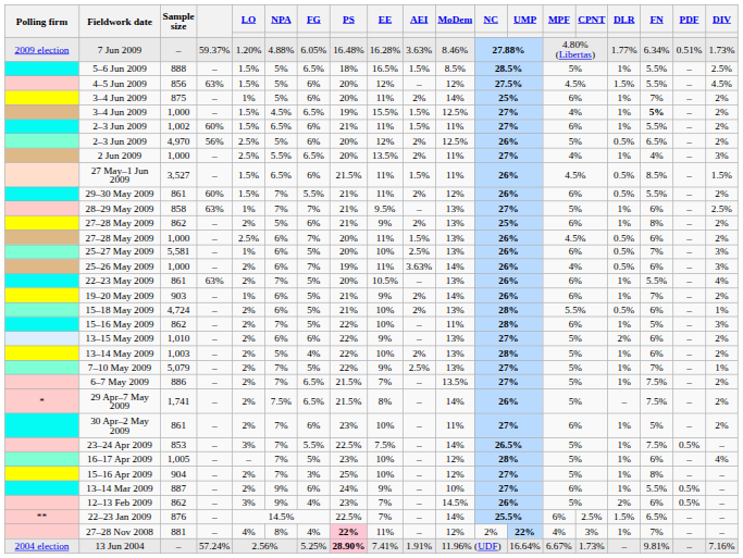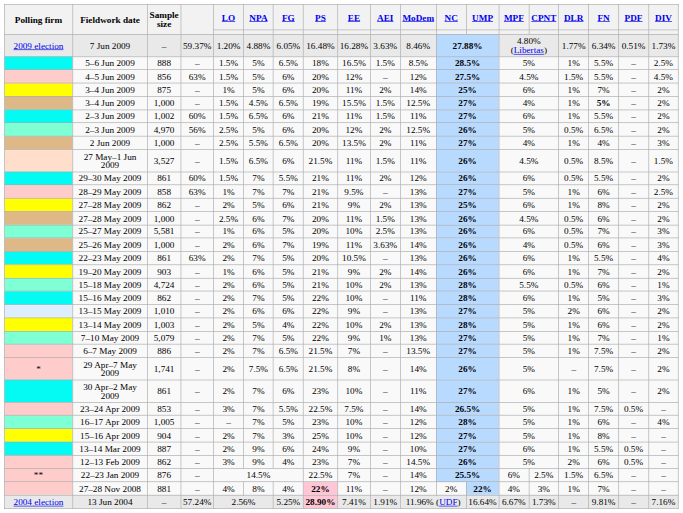 <table class="wikitable sortable" style="text-align:center;font-size:90%;line-height:14px;">
 <tr style="height:40px;">
 <th style="width:100px;" rowspan="2">Polling firm</th>
 <th style="width:110px;" rowspan="2">Fieldwork date</th>
 <th style="width:35px;" rowspan="2">Sample<br>size</th>
 <th style="width:30px;" rowspan="2"></th>
 <th class="unsortable" style="width:40px;"><a href='#'>LO</a></th>
 <th class="unsortable" style="width:40px;"><a href='#'>NPA</a></th>
 <th class="unsortable" style="width:40px;"><a href='#'>FG</a></th>
 <th class="unsortable" style="width:40px;"><a href='#'>PS</a></th>
 <th class="unsortable" style="width:40px;"><a href='#'>EE</a></th>
 <th class="unsortable" style="width:40px;"><a href='#'>AEI</a></th>
 <th class="unsortable" style="width:40px;"><a href='#'>MoDem</a></th>
 <th class="unsortable" style="width:40px;"><a href='#'>NC</a></th>
 <th class="unsortable" style="width:40px;"><a href='#'>UMP</a></th>
 <th class="unsortable" style="width:40px;"><a href='#'>MPF</a></th>
 <th class="unsortable" style="width:40px;"><a href='#'>CPNT</a></th>
 <th class="unsortable" style="width:40px;"><a href='#'>DLR</a></th>
 <th class="unsortable" style="width:40px;"><a href='#'>FN</a></th>
 <th class="unsortable" style="width:40px;"><a href='#'>PDF</a></th>
 <th class="unsortable" style="width:40px;"><a href='#'>DIV</a></th>
 </tr>
 <tr>
 <th style="background:"></th>
 <th style="background:"></th>
 <th style="background:"></th>
 <th style="background:"></th>
 <th style="background:"></th>
 <th style="background:"></th>
 <th style="background:"></th>
 <th style="background:"></th>
 <th style="background:"></th>
 <th style="background:"></th>
 <th style="background:"></th>
 <th style="background:"></th>
 <th style="background:"></th>
 <th style="background:"></th>
 <th style="background:"></th>
 </tr>
 <tr style="background:#E9E9E9;">
 <td><a href='#'>2009 election</a></td>
 <td data-sort-value="2009-06-07">7 Jun 2009</td>
 <td>–</td>
 <td>59.37%</td>
 <td>1.20%</td>
 <td>4.88%</td>
 <td>6.05%</td>
 <td>16.48%</td>
 <td>16.28%</td>
 <td>3.63%</td>
 <td>8.46%</td>
 <td style="background:#B9DAFF;" colspan="2"><strong>27.88%</strong></td>
 <td colspan="2">4.80% (<a href='#'>Libertas</a>)</td>
 <td>1.77%</td>
 <td>6.34%</td>
 <td>0.51%</td>
 <td>1.73%</td>
 </tr>
 <tr>
 <td style="background:#04FBF4;"></td>
 <td data-sort-value="2009-06-06">5–6 Jun 2009</td>
 <td>888</td>
 <td>–</td>
 <td>1.5%</td>
 <td>5%</td>
 <td>6.5%</td>
 <td>18%</td>
 <td>16.5%</td>
 <td>1.5%</td>
 <td>8.5%</td>
 <td style="background:#B9DAFF;" colspan="2"><strong>28.5%</strong></td>
 <td colspan="2">5%</td>
 <td>1%</td>
 <td>5.5%</td>
 <td>–</td>
 <td>2.5%</td>
 </tr>
 <tr>
 <td style="background:#FFCCCC;"></td>
 <td data-sort-value="2009-06-05">4–5 Jun 2009</td>
 <td>856</td>
 <td>63%</td>
 <td>1.5%</td>
 <td>5%</td>
 <td>6%</td>
 <td>20%</td>
 <td>12%</td>
 <td>–</td>
 <td>12%</td>
 <td style="background:#B9DAFF;" colspan="2"><strong>27.5%</strong></td>
 <td colspan="2">4.5%</td>
 <td>1.5%</td>
 <td>5.5%</td>
 <td>–</td>
 <td>4.5%</td>
 </tr>
 <tr>
 <td style="background:yellow;"></td>
 <td data-sort-value="2009-06-04">3–4 Jun 2009</td>
 <td>875</td>
 <td>–</td>
 <td>1%</td>
 <td>5%</td>
 <td>6%</td>
 <td>20%</td>
 <td>11%</td>
 <td>2%</td>
 <td>14%</td>
 <td style="background:#B9DAFF;" colspan="2"><strong>25%</strong></td>
 <td colspan="2">6%</td>
 <td>1%</td>
 <td>7%</td>
 <td>–</td>
 <td>2%</td>
 </tr>
 <tr>
 <td style="background:burlywood;"></td>
 <td data-sort-value="2009-06-04">3–4 Jun 2009</td>
 <td>1,000</td>
 <td>–</td>
 <td>1.5%</td>
 <td>4.5%</td>
 <td>6.5%</td>
 <td>19%</td>
 <td>15.5%</td>
 <td>1.5%</td>
 <td>12.5%</td>
 <td style="background:#B9DAFF;" colspan="2"><strong>27%</strong></td>
 <td colspan="2">4%</td>
 <td>1%</td>
 <td><strong>5%</strong></td>
 <td>–</td>
 <td>2%</td>
 </tr>
 <tr>
 <td style="background:#04FBF4;"></td>
 <td data-sort-value="2009-06-03">2–3 Jun 2009</td>
 <td>1,002</td>
 <td>60%</td>
 <td>1.5%</td>
 <td>6.5%</td>
 <td>6%</td>
 <td>21%</td>
 <td>11%</td>
 <td>1.5%</td>
 <td>11%</td>
 <td style="background:#B9DAFF;" colspan="2"><strong>27%</strong></td>
 <td colspan="2">6%</td>
 <td>1%</td>
 <td>5.5%</td>
 <td>–</td>
 <td>2%</td>
 </tr>
 <tr>
 <td style="background:aquamarine;"></td>
 <td data-sort-value="2009-06-03">2–3 Jun 2009</td>
 <td>4,970</td>
 <td>56%</td>
 <td>2.5%</td>
 <td>5%</td>
 <td>6%</td>
 <td>20%</td>
 <td>12%</td>
 <td>2%</td>
 <td>12.5%</td>
 <td style="background:#B9DAFF;" colspan="2"><strong>26%</strong></td>
 <td colspan="2">5%</td>
 <td>0.5%</td>
 <td>6.5%</td>
 <td>–</td>
 <td>2%</td>
 </tr>
 <tr>
 <td style="background:burlywood;"></td>
 <td data-sort-value="2009-06-02">2 Jun 2009</td>
 <td>1,000</td>
 <td>–</td>
 <td>2.5%</td>
 <td>5.5%</td>
 <td>6.5%</td>
 <td>20%</td>
 <td>13.5%</td>
 <td>2%</td>
 <td>11%</td>
 <td style="background:#B9DAFF;" colspan="2"><strong>27%</strong></td>
 <td colspan="2">4%</td>
 <td>1%</td>
 <td>4%</td>
 <td>–</td>
 <td>3%</td>
 </tr>
 <tr>
 <td style="background:#FFDFCC;"></td>
 <td data-sort-value="2009-06-01">27 May–1 Jun 2009</td>
 <td>3,527</td>
 <td>–</td>
 <td>1.5%</td>
 <td>6.5%</td>
 <td>6%</td>
 <td>21.5%</td>
 <td>11%</td>
 <td>1.5%</td>
 <td>11%</td>
 <td style="background:#B9DAFF;" colspan="2"><strong>26%</strong></td>
 <td colspan="2">4.5%</td>
 <td>0.5%</td>
 <td>8.5%</td>
 <td>–</td>
 <td>1.5%</td>
 </tr>
 <tr>
 <td style="background:#04FBF4;"></td>
 <td data-sort-value="2009-05-30">29–30 May 2009</td>
 <td>861</td>
 <td>60%</td>
 <td>1.5%</td>
 <td>7%</td>
 <td>5.5%</td>
 <td>21%</td>
 <td>11%</td>
 <td>2%</td>
 <td>12%</td>
 <td style="background:#B9DAFF;" colspan="2"><strong>26%</strong></td>
 <td colspan="2">6%</td>
 <td>0.5%</td>
 <td>5.5%</td>
 <td>–</td>
 <td>2%</td>
 </tr>
 <tr>
 <td style="background:#FFCCCC;"></td>
 <td data-sort-value="2009-05-29">28–29 May 2009</td>
 <td>858</td>
 <td>63%</td>
 <td>1%</td>
 <td>7%</td>
 <td>7%</td>
 <td>21%</td>
 <td>9.5%</td>
 <td>–</td>
 <td>13%</td>
 <td style="background:#B9DAFF;" colspan="2"><strong>27%</strong></td>
 <td colspan="2">5%</td>
 <td>1%</td>
 <td>6%</td>
 <td>–</td>
 <td>2.5%</td>
 </tr>
 <tr>
 <td style="background:yellow;"></td>
 <td data-sort-value="2009-05-28">27–28 May 2009</td>
 <td>862</td>
 <td>–</td>
 <td>2%</td>
 <td>5%</td>
 <td>6%</td>
 <td>21%</td>
 <td>9%</td>
 <td>2%</td>
 <td>13%</td>
 <td style="background:#B9DAFF;" colspan="2"><strong>25%</strong></td>
 <td colspan="2">6%</td>
 <td>1%</td>
 <td>8%</td>
 <td>–</td>
 <td>2%</td>
 </tr>
 <tr>
 <td style="background:burlywood;"></td>
 <td data-sort-value="2009-05-28">27–28 May 2009</td>
 <td>1,000</td>
 <td>–</td>
 <td>2.5%</td>
 <td>6%</td>
 <td>7%</td>
 <td>20%</td>
 <td>11%</td>
 <td>1.5%</td>
 <td>13%</td>
 <td style="background:#B9DAFF;" colspan="2"><strong>26%</strong></td>
 <td colspan="2">4.5%</td>
 <td>0.5%</td>
 <td>6%</td>
 <td>–</td>
 <td>2%</td>
 </tr>
 <tr>
 <td style="background:aquamarine;"></td>
 <td data-sort-value="2009-05-27">25–27 May 2009</td>
 <td>5,581</td>
 <td>–</td>
 <td>1%</td>
 <td>6%</td>
 <td>5%</td>
 <td>20%</td>
 <td>10%</td>
 <td>2.5%</td>
 <td>13%</td>
 <td style="background:#B9DAFF;" colspan="2"><strong>26%</strong></td>
 <td colspan="2">6%</td>
 <td>0.5%</td>
 <td>7%</td>
 <td>–</td>
 <td>3%</td>
 </tr>
 <tr>
 <td style="background:burlywood;"></td>
 <td data-sort-value="2009-05-26">25–26 May 2009</td>
 <td>1,000</td>
 <td>–</td>
 <td>2%</td>
 <td>6%</td>
 <td>7%</td>
 <td>19%</td>
 <td>11%</td>
 <td>3.63%</td>
 <td>14%</td>
 <td style="background:#B9DAFF;" colspan="2"><strong>26%</strong></td>
 <td colspan="2">4%</td>
 <td>0.5%</td>
 <td>6%</td>
 <td>–</td>
 <td>3%</td>
 </tr>
 <tr>
 <td style="background:#04FBF4;"></td>
 <td data-sort-value="2009-05-23">22–23 May 2009</td>
 <td>861</td>
 <td>63%</td>
 <td>2%</td>
 <td>7%</td>
 <td>5%</td>
 <td>20%</td>
 <td>10.5%</td>
 <td>–</td>
 <td>13%</td>
 <td style="background:#B9DAFF;" colspan="2"><strong>26%</strong></td>
 <td colspan="2">6%</td>
 <td>1%</td>
 <td>5.5%</td>
 <td>–</td>
 <td>4%</td>
 </tr>
 <tr>
 <td style="background:yellow;"></td>
 <td data-sort-value="2009-05-20">19–20 May 2009</td>
 <td>903</td>
 <td>–</td>
 <td>1%</td>
 <td>6%</td>
 <td>5%</td>
 <td>21%</td>
 <td>9%</td>
 <td>2%</td>
 <td>14%</td>
 <td style="background:#B9DAFF;" colspan="2"><strong>26%</strong></td>
 <td colspan="2">6%</td>
 <td>1%</td>
 <td>7%</td>
 <td>–</td>
 <td>2%</td>
 </tr>
 <tr>
 <td style="background:aquamarine;"></td>
 <td data-sort-value="2009-05-18">15–18 May 2009</td>
 <td>4,724</td>
 <td>–</td>
 <td>2%</td>
 <td>6%</td>
 <td>5%</td>
 <td>21%</td>
 <td>10%</td>
 <td>2%</td>
 <td>13%</td>
 <td style="background:#B9DAFF;" colspan="2"><strong>28%</strong></td>
 <td colspan="2">5.5%</td>
 <td>0.5%</td>
 <td>6%</td>
 <td>–</td>
 <td>1%</td>
 </tr>
 <tr>
 <td style="background:#04FBF4;"></td>
 <td data-sort-value="2009-05-16">15–16 May 2009</td>
 <td>862</td>
 <td>–</td>
 <td>2%</td>
 <td>7%</td>
 <td>5%</td>
 <td>22%</td>
 <td>10%</td>
 <td>–</td>
 <td>11%</td>
 <td style="background:#B9DAFF;" colspan="2"><strong>28%</strong></td>
 <td colspan="2">6%</td>
 <td>1%</td>
 <td>5%</td>
 <td>–</td>
 <td>3%</td>
 </tr>
 <tr>
 <td style="background:#DDEEFF;"></td>
 <td data-sort-value="2009-05-15">13–15 May 2009</td>
 <td>1,010</td>
 <td>–</td>
 <td>2%</td>
 <td>6%</td>
 <td>6%</td>
 <td>22%</td>
 <td>9%</td>
 <td>–</td>
 <td>13%</td>
 <td style="background:#B9DAFF;" colspan="2"><strong>27%</strong></td>
 <td colspan="2">5%</td>
 <td>2%</td>
 <td>6%</td>
 <td>–</td>
 <td>2%</td>
 </tr>
 <tr>
 <td style="background:yellow;"></td>
 <td data-sort-value="2009-05-14">13–14 May 2009</td>
 <td>1,003</td>
 <td>–</td>
 <td>2%</td>
 <td>5%</td>
 <td>4%</td>
 <td>22%</td>
 <td>10%</td>
 <td>2%</td>
 <td>13%</td>
 <td style="background:#B9DAFF;" colspan="2"><strong>28%</strong></td>
 <td colspan="2">5%</td>
 <td>1%</td>
 <td>6%</td>
 <td>–</td>
 <td>2%</td>
 </tr>
 <tr>
 <td style="background:aquamarine;"></td>
 <td data-sort-value="2009-05-10">7–10 May 2009</td>
 <td>5,079</td>
 <td>–</td>
 <td>2%</td>
 <td>7%</td>
 <td>5%</td>
 <td>22%</td>
 <td>9%</td>
-<td>2.5%</td>
+<td>1%</td>
 <td>13%</td>
 <td style="background:#B9DAFF;" colspan="2"><strong>27%</strong></td>
 <td colspan="2">5%</td>
 <td>1%</td>
 <td>7%</td>
 <td>–</td>
 <td>1%</td>
 </tr>
 <tr>
 <td style="background:#FFCCCC;"></td>
 <td data-sort-value="2009-05-07">6–7 May 2009</td>
 <td>886</td>
 <td>–</td>
 <td>2%</td>
 <td>7%</td>
 <td>6.5%</td>
 <td>21.5%</td>
 <td>7%</td>
 <td>–</td>
 <td>13.5%</td>
 <td style="background:#B9DAFF;" colspan="2"><strong>27%</strong></td>
 <td colspan="2">5%</td>
 <td>1%</td>
 <td>7.5%</td>
 <td>–</td>
 <td>2%</td>
 </tr>
 <tr>
 <td style="background:#FFCCCC;">*</td>
 <td data-sort-value="2009-05-07">29 Apr–7 May 2009</td>
 <td>1,741</td>
 <td>–</td>
 <td>2%</td>
 <td>7.5%</td>
 <td>6.5%</td>
 <td>21.5%</td>
 <td>8%</td>
 <td>–</td>
 <td>14%</td>
 <td style="background:#B9DAFF;" colspan="2"><strong>26%</strong></td>
 <td colspan="2">5%</td>
 <td>–</td>
 <td>7.5%</td>
 <td>–</td>
 <td>2%</td>
 </tr>
 <tr>
 <td style="background:#04FBF4;"></td>
 <td data-sort-value="2009-05-02">30 Apr–2 May 2009</td>
 <td>861</td>
 <td>–</td>
 <td>2%</td>
 <td>7%</td>
 <td>6%</td>
 <td>23%</td>
 <td>10%</td>
 <td>–</td>
 <td>11%</td>
 <td style="background:#B9DAFF;" colspan="2"><strong>27%</strong></td>
 <td colspan="2">6%</td>
 <td>1%</td>
 <td>5%</td>
 <td>–</td>
 <td>2%</td>
 </tr>
 <tr>
 <td style="background:#FFCCCC;"></td>
 <td data-sort-value="2009-04-24">23–24 Apr 2009</td>
 <td>853</td>
 <td>–</td>
 <td>3%</td>
 <td>7%</td>
 <td>5.5%</td>
 <td>22.5%</td>
 <td>7.5%</td>
 <td>–</td>
 <td>14%</td>
 <td style="background:#B9DAFF;" colspan="2"><strong>26.5%</strong></td>
 <td colspan="2">5%</td>
 <td>1%</td>
 <td>7.5%</td>
 <td>0.5%</td>
 <td>–</td>
 </tr>
 <tr>
 <td style="background:aquamarine;"></td>
 <td data-sort-value="2009-04-17">16–17 Apr 2009</td>
 <td>1,005</td>
 <td>–</td>
 <td>–</td>
 <td>7%</td>
 <td>5%</td>
 <td>23%</td>
 <td>10%</td>
 <td>–</td>
 <td>12%</td>
 <td style="background:#B9DAFF;" colspan="2"><strong>28%</strong></td>
 <td colspan="2">5%</td>
 <td>1%</td>
 <td>6%</td>
 <td>–</td>
 <td>4%</td>
 </tr>
 <tr>
 <td style="background:yellow;"></td>
 <td data-sort-value="2009-04-16">15–16 Apr 2009</td>
 <td>904</td>
 <td>–</td>
 <td>2%</td>
 <td>7%</td>
 <td>3%</td>
 <td>25%</td>
 <td>10%</td>
 <td>–</td>
 <td>12%</td>
 <td style="background:#B9DAFF;" colspan="2"><strong>27%</strong></td>
 <td colspan="2">5%</td>
 <td>1%</td>
 <td>8%</td>
 <td>–</td>
 <td>–</td>
 </tr>
 <tr>
 <td style="background:#04FBF4;"></td>
 <td data-sort-value="2009-03-14">13–14 Mar 2009</td>
 <td>887</td>
 <td>–</td>
 <td>2%</td>
 <td>9%</td>
 <td>6%</td>
 <td>24%</td>
 <td>9%</td>
 <td>–</td>
 <td>10%</td>
 <td style="background:#B9DAFF;" colspan="2"><strong>27%</strong></td>
 <td colspan="2">6%</td>
 <td>1%</td>
 <td>5.5%</td>
 <td>0.5%</td>
 <td>–</td>
 </tr>
 <tr>
 <td style="background:#FFCCCC;"></td>
 <td data-sort-value="2009-02-13">12–13 Feb 2009</td>
 <td>862</td>
 <td>–</td>
 <td>3%</td>
 <td>9%</td>
 <td>4%</td>
 <td>23%</td>
 <td>7%</td>
 <td>–</td>
 <td>14.5%</td>
 <td style="background:#B9DAFF;" colspan="2"><strong>26%</strong></td>
 <td colspan="2">5%</td>
 <td>2%</td>
 <td>6%</td>
 <td>0.5%</td>
 <td>–</td>
 </tr>
 <tr>
 <td style="background:#FFCCCC;">**</td>
 <td data-sort-value="2009-01-23">22–23 Jan 2009</td>
 <td>876</td>
 <td>–</td>
 <td colspan="3">14.5%</td>
 <td>22.5%</td>
 <td>7%</td>
 <td>–</td>
 <td>14%</td>
 <td style="background:#B9DAFF;" colspan="2"><strong>25.5%</strong></td>
 <td>6%</td>
 <td>2.5%</td>
 <td>1.5%</td>
 <td>6.5%</td>
 <td>–</td>
 <td>–</td>
 </tr>
 <tr>
 <td style="background:#FFCCCC;"></td>
 <td data-sort-value="2008-11-28">27–28 Nov 2008</td>
 <td>881</td>
 <td>–</td>
 <td>4%</td>
 <td>8%</td>
 <td>4%</td>
 <td style="background:#FFC6D5;"><strong>22%</strong></td>
 <td>11%</td>
 <td>–</td>
 <td>12%</td>
 <td>2%</td>
 <td style="background:#B9DAFF;"><strong>22%</strong></td>
 <td>4%</td>
 <td>3%</td>
 <td>1%</td>
 <td>7%</td>
 <td>–</td>
 <td>–</td>
 </tr>
 <tr style="background:#E9E9E9;">
 <td><a href='#'>2004 election</a></td>
 <td data-sort-value="2004-06-13">13 Jun 2004</td>
 <td>–</td>
 <td>57.24%</td>
 <td colspan="2">2.56%</td>
 <td>5.25%</td>
 <td style="background:#FFC6D5;"><strong>28.90%</strong></td>
 <td>7.41%</td>
 <td>1.91%</td>
 <td colspan="2">11.96% (<a href='#'>UDF</a>)</td>
 <td>16.64%</td>
 <td>6.67%</td>
 <td>1.73%</td>
 <td>–</td>
 <td>9.81%</td>
 <td>–</td>
 <td>7.16%</td>
 </tr>
 </table>
